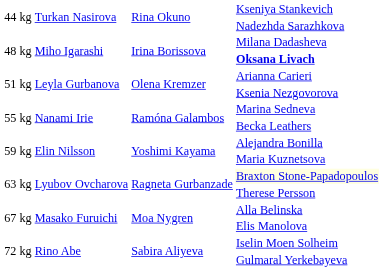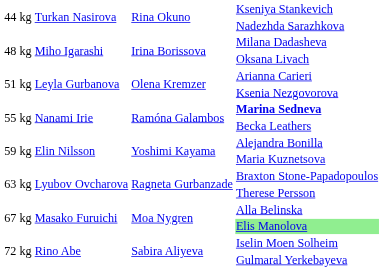 <table>
 <tr>
 <td rowspan=2>44 kg</td>
 <td rowspan=2> <a href='#'>Turkan Nasirova</a></td>
 <td rowspan=2> <a href='#'>Rina Okuno</a></td>
 <td> <a href='#'>Kseniya Stankevich</a></td>
 </tr>
 <tr>
 <td> <a href='#'>Nadezhda Sarazhkova</a></td>
 </tr>
 <tr>
 <td rowspan=2>48 kg</td>
 <td rowspan=2> <a href='#'>Miho Igarashi</a></td>
 <td rowspan=2> <a href='#'>Irina Borissova</a></td>
 <td> <a href='#'>Milana Dadasheva</a></td>
 </tr>
 <tr>
-<td><strong> <a href='#'>Oksana Livach</a></strong></td>
+<td> <a href='#'>Oksana Livach</a></td>
 </tr>
 <tr>
 <td rowspan=2>51 kg</td>
 <td rowspan=2> <a href='#'>Leyla Gurbanova</a></td>
 <td rowspan=2> <a href='#'>Olena Kremzer</a></td>
 <td> <a href='#'>Arianna Carieri</a></td>
 </tr>
 <tr>
 <td> <a href='#'>Ksenia Nezgovorova</a></td>
 </tr>
 <tr>
 <td rowspan=2>55 kg</td>
 <td rowspan=2> <a href='#'>Nanami Irie</a></td>
 <td rowspan=2> <a href='#'>Ramóna Galambos</a></td>
-<td> <a href='#'>Marina Sedneva</a></td>
+<td><strong> <a href='#'>Marina Sedneva</a></strong></td>
 </tr>
 <tr>
 <td> <a href='#'>Becka Leathers</a></td>
 </tr>
 <tr>
 <td rowspan=2>59 kg</td>
 <td rowspan=2> <a href='#'>Elin Nilsson</a></td>
 <td rowspan=2> <a href='#'>Yoshimi Kayama</a></td>
 <td> <a href='#'>Alejandra Bonilla</a></td>
 </tr>
 <tr>
 <td> <a href='#'>Maria Kuznetsova</a></td>
 </tr>
 <tr>
 <td rowspan=2>63 kg</td>
 <td rowspan=2> <a href='#'>Lyubov Ovcharova</a></td>
 <td rowspan=2> <a href='#'>Ragneta Gurbanzade</a></td>
-<td style="background: lightyellow;"> <a href='#'>Braxton Stone-Papadopoulos</a></td>
+<td> <a href='#'>Braxton Stone-Papadopoulos</a></td>
 </tr>
 <tr>
 <td> <a href='#'>Therese Persson</a></td>
 </tr>
 <tr>
 <td rowspan=2>67 kg</td>
 <td rowspan=2> <a href='#'>Masako Furuichi</a></td>
 <td rowspan=2> <a href='#'>Moa Nygren</a></td>
 <td> <a href='#'>Alla Belinska</a></td>
 </tr>
 <tr>
-<td> <a href='#'>Elis Manolova</a></td>
+<td style="background: lightgreen;"> <a href='#'>Elis Manolova</a></td>
 </tr>
 <tr>
 <td rowspan=2>72 kg</td>
 <td rowspan=2> <a href='#'>Rino Abe</a></td>
 <td rowspan=2> <a href='#'>Sabira Aliyeva</a></td>
 <td> <a href='#'>Iselin Moen Solheim</a></td>
 </tr>
 <tr>
 <td> <a href='#'>Gulmaral Yerkebayeva</a></td>
 </tr>
 </table>
